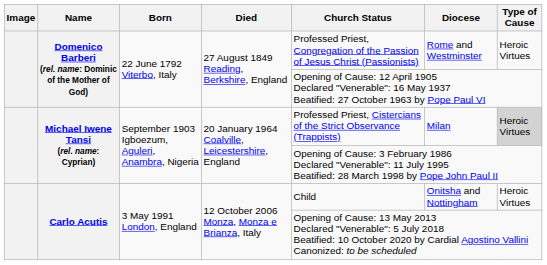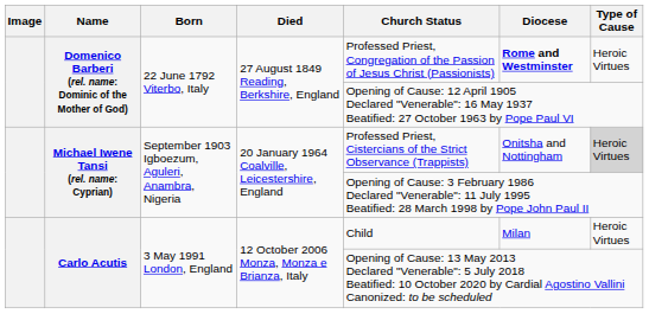 <table class="wikitable">
 <tr>
 <th class="unportable">Image</th>
 <th>Name</th>
 <th>Born</th>
 <th>Died</th>
 <th>Church Status</th>
 <th>Diocese</th>
 <th>Type of Cause</th>
 </tr>
 <tr>
 <th scope="row" rowspan="2"></th>
 <th rowspan="2"><a href='#'>Domenico Barberi</a> <br><small>(<em>rel. name</em>: Dominic of the Mother of God)</small></th>
 <td rowspan="2">22 June 1792 <br><a href='#'>Viterbo</a>, Italy</td>
 <td rowspan="2">27 August 1849 <br><a href='#'>Reading</a>, <a href='#'>Berkshire</a>, England</td>
 <td>Professed Priest, <a href='#'>Congregation of the Passion of Jesus Christ (Passionists)</a></td>
-<td><a href='#'>Rome</a> and <a href='#'>Westminster</a></td>
+<td><strong><a href='#'>Rome</a> and <a href='#'>Westminster</a></strong></td>
 <td>Heroic Virtues</td>
 </tr>
 <tr>
 <td colspan="3">Opening of Cause: 12 April 1905 <br>Declared "Venerable": 16 May 1937<br> Beatified: 27 October 1963 by <a href='#'>Pope Paul VI</a></td>
 </tr>
 <tr>
 <th scope="row" rowspan="2"></th>
 <th rowspan="2"><a href='#'>Michael Iwene Tansi</a> <br><small>(<em>rel. name</em>: Cyprian)</small></th>
 <td rowspan="2">September 1903 <br>Igboezum, <a href='#'>Aguleri</a>, <a href='#'>Anambra</a>, Nigeria</td>
 <td rowspan="2">20 January 1964 <br><a href='#'>Coalville</a>, <a href='#'>Leicestershire</a>, England</td>
 <td>Professed Priest, <a href='#'>Cistercians of the Strict Observance (Trappists)</a></td>
-<td><a href='#'>Milan</a></td>
+<td><a href='#'>Onitsha</a> and <a href='#'>Nottingham</a></td>
 <td style="background: lightgrey;">Heroic Virtues</td>
 </tr>
 <tr>
 <td colspan="3">Opening of Cause: 3 February 1986<br>Declared "Venerable": 11 July 1995 <br>Beatified: 28 March 1998 by <a href='#'>Pope John Paul II</a></td>
 </tr>
 <tr>
 <th scope="row" rowspan="2"></th>
 <th rowspan="2"><a href='#'>Carlo Acutis</a></th>
 <td rowspan="2">3 May 1991 <br><a href='#'>London</a>, England</td>
 <td rowspan="2">12 October 2006 <br><a href='#'>Monza</a>, <a href='#'>Monza e Brianza</a>, Italy</td>
 <td>Child</td>
-<td><a href='#'>Onitsha</a> and <a href='#'>Nottingham</a></td>
+<td><a href='#'>Milan</a></td>
 <td>Heroic Virtues</td>
 </tr>
 <tr>
 <td colspan="3">Opening of Cause: 13 May 2013 <br>Declared "Venerable": 5 July 2018 <br>Beatified: 10 October 2020 by Cardial <a href='#'>Agostino Vallini</a> <br>Canonized: <em>to be scheduled</em></td>
 </tr>
 </table>
